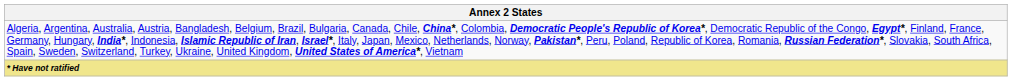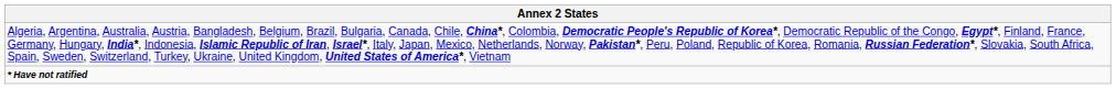 <table class="wikitable">
 <tr>
 <th>Annex 2 States</th>
 </tr>
 <tr>
 <td><a href='#'>Algeria</a>, <a href='#'>Argentina</a>, <a href='#'>Australia</a>, <a href='#'>Austria</a>, <a href='#'>Bangladesh</a>, <a href='#'>Belgium</a>, <a href='#'>Brazil</a>, <a href='#'>Bulgaria</a>, <a href='#'>Canada</a>, <a href='#'>Chile</a>, <strong><em><a href='#'>China</a>*</em></strong>, <a href='#'>Colombia</a>, <strong><em><a href='#'>Democratic People's Republic of Korea</a>*</em></strong>, <a href='#'>Democratic Republic of the Congo</a>, <strong><em><a href='#'>Egypt</a>*</em></strong>, <a href='#'>Finland</a>, <a href='#'>France</a>, <a href='#'>Germany</a>, <a href='#'>Hungary</a>, <strong><em><a href='#'>India</a>*</em></strong>, <a href='#'>Indonesia</a>, <strong><em><a href='#'>Islamic Republic of Iran</a></em></strong>, <strong><em><a href='#'>Israel</a>*</em></strong>, <a href='#'>Italy</a>, <a href='#'>Japan</a>, <a href='#'>Mexico</a>, <a href='#'>Netherlands</a>, <a href='#'>Norway</a>, <strong><em><a href='#'>Pakistan</a>*</em></strong>, <a href='#'>Peru</a>, <a href='#'>Poland</a>, <a href='#'>Republic of Korea</a>, <a href='#'>Romania</a>, <strong><em><a href='#'>Russian Federation</a>*</em></strong>, <a href='#'>Slovakia</a>, <a href='#'>South Africa</a>, <a href='#'>Spain</a>, <a href='#'>Sweden</a>, <a href='#'>Switzerland</a>, <a href='#'>Turkey</a>, <a href='#'>Ukraine</a>, <a href='#'>United Kingdom</a>, <strong><em><a href='#'>United States of America</a>*</em></strong>, <a href='#'>Vietnam</a></td>
 </tr>
 <tr>
-<td style="background: khaki;"><small><strong><em>* Have not ratified</em></strong></small></td>
+<td><small><strong><em>* Have not ratified</em></strong></small></td>
 </tr>
 </table>
